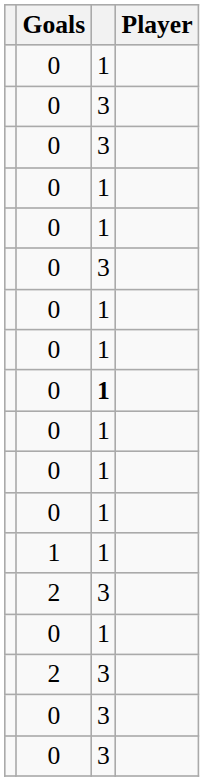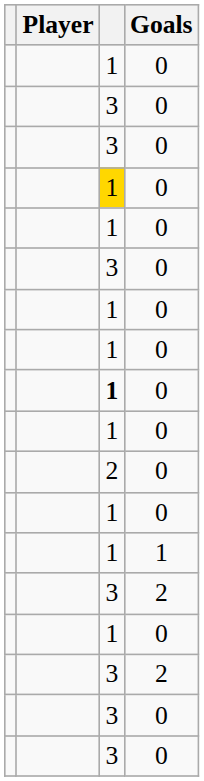 <table class="wikitable sortable" style="text-align:center;">
 <tr>
 <th></th>
+<th>Player</th>
+<th></th>
 <th>Goals</th>
-<th></th>
-<th>Player</th>
 </tr>
 <tr>
 <td></td>
+<td align="left"></td>
+<td>1</td>
 <td>0</td>
-<td>1</td>
-<td align="left"></td>
 </tr>
 <tr>
 <td></td>
+<td align="left"></td>
+<td>3</td>
 <td>0</td>
-<td>3</td>
-<td align="left"></td>
 </tr>
 <tr>
 <td></td>
+<td align="left"></td>
+<td>3</td>
 <td>0</td>
-<td>3</td>
-<td align="left"></td>
 </tr>
 <tr>
 <td></td>
+<td align="left"></td>
+<td style="background: gold;">1</td>
 <td>0</td>
-<td>1</td>
-<td align="left"></td>
 </tr>
 <tr>
 <td></td>
+<td align="left"></td>
+<td>1</td>
 <td>0</td>
-<td>1</td>
-<td align="left"></td>
 </tr>
 <tr>
 <td></td>
+<td align="left"></td>
+<td>3</td>
 <td>0</td>
-<td>3</td>
-<td align="left"></td>
 </tr>
 <tr>
 <td></td>
+<td align="left"></td>
+<td>1</td>
 <td>0</td>
-<td>1</td>
-<td align="left"></td>
 </tr>
 <tr>
 <td></td>
+<td align="left"></td>
+<td>1</td>
 <td>0</td>
-<td>1</td>
-<td align="left"></td>
 </tr>
 <tr>
 <td></td>
+<td align="left"></td>
+<td><strong>1</strong></td>
 <td>0</td>
-<td><strong>1</strong></td>
-<td align="left"></td>
 </tr>
 <tr>
 <td></td>
+<td align="left"></td>
+<td>1</td>
 <td>0</td>
-<td>1</td>
-<td align="left"></td>
 </tr>
 <tr>
 <td></td>
+<td align="left"></td>
+<td>2</td>
 <td>0</td>
-<td>1</td>
-<td align="left"></td>
 </tr>
 <tr>
 <td></td>
+<td align="left"></td>
+<td>1</td>
 <td>0</td>
-<td>1</td>
-<td align="left"></td>
 </tr>
 <tr>
 <td></td>
+<td align="left"></td>
 <td>1</td>
 <td>1</td>
-<td align="left"></td>
 </tr>
 <tr>
 <td></td>
+<td align="left"></td>
+<td>3</td>
 <td>2</td>
-<td>3</td>
-<td align="left"></td>
 </tr>
 <tr>
 <td></td>
+<td align="left"></td>
+<td>1</td>
 <td>0</td>
-<td>1</td>
-<td align="left"></td>
 </tr>
 <tr>
 <td></td>
+<td align="left"></td>
+<td>3</td>
 <td>2</td>
-<td>3</td>
-<td align="left"></td>
 </tr>
 <tr>
 <td></td>
+<td align="left"></td>
+<td>3</td>
 <td>0</td>
-<td>3</td>
-<td align="left"></td>
 </tr>
 <tr>
 <td></td>
+<td align="left"></td>
+<td>3</td>
 <td>0</td>
-<td>3</td>
-<td align="left"></td>
 </tr>
 </table>
